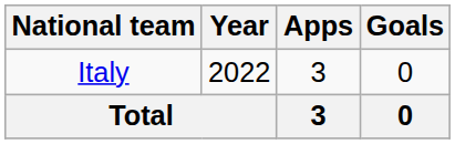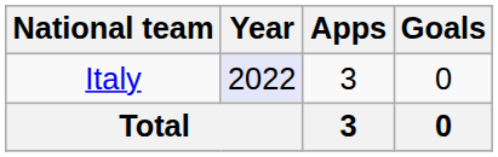 <table class="wikitable" style="text-align:center">
 <tr>
 <th>National team</th>
 <th>Year</th>
 <th>Apps</th>
 <th>Goals</th>
 </tr>
 <tr>
 <td><a href='#'>Italy</a></td>
-<td>2022</td>
+<td style="background: lavender;">2022</td>
 <td>3</td>
 <td>0</td>
 </tr>
 <tr>
 <th colspan="2">Total</th>
 <th>3</th>
 <th>0</th>
 </tr>
 </table>
